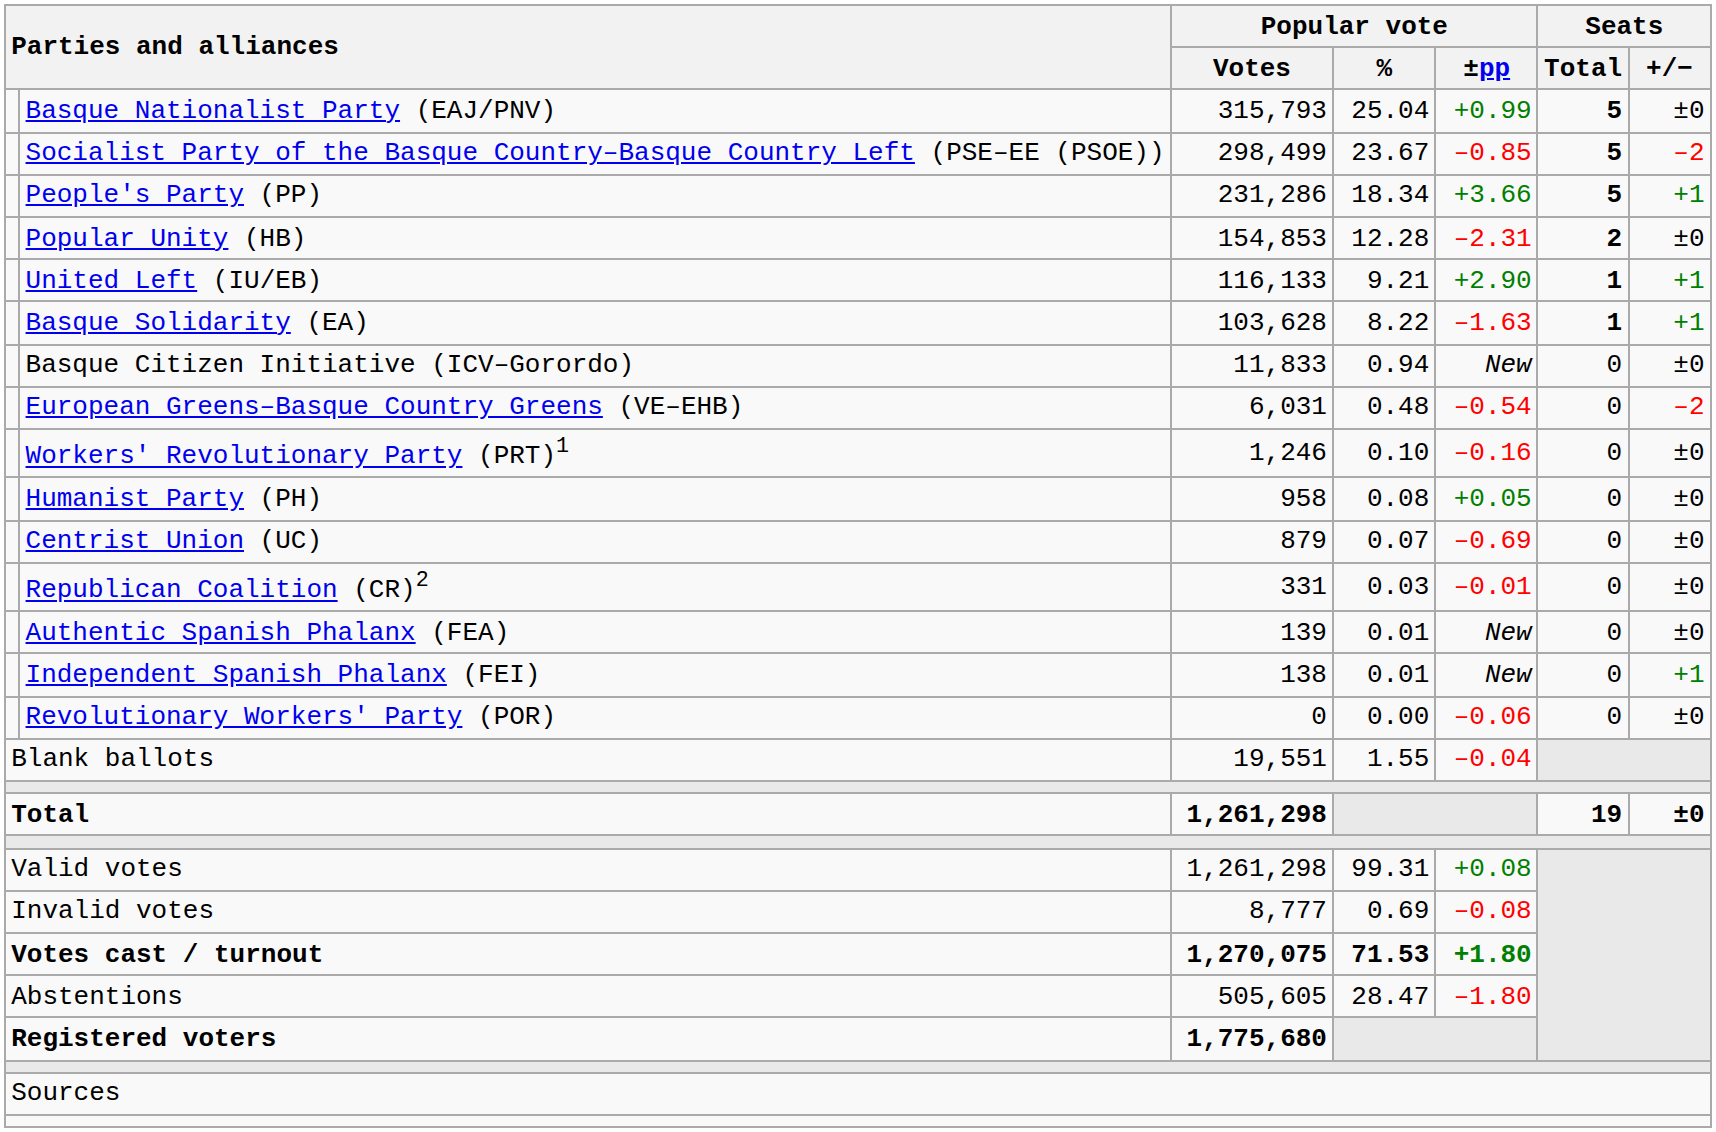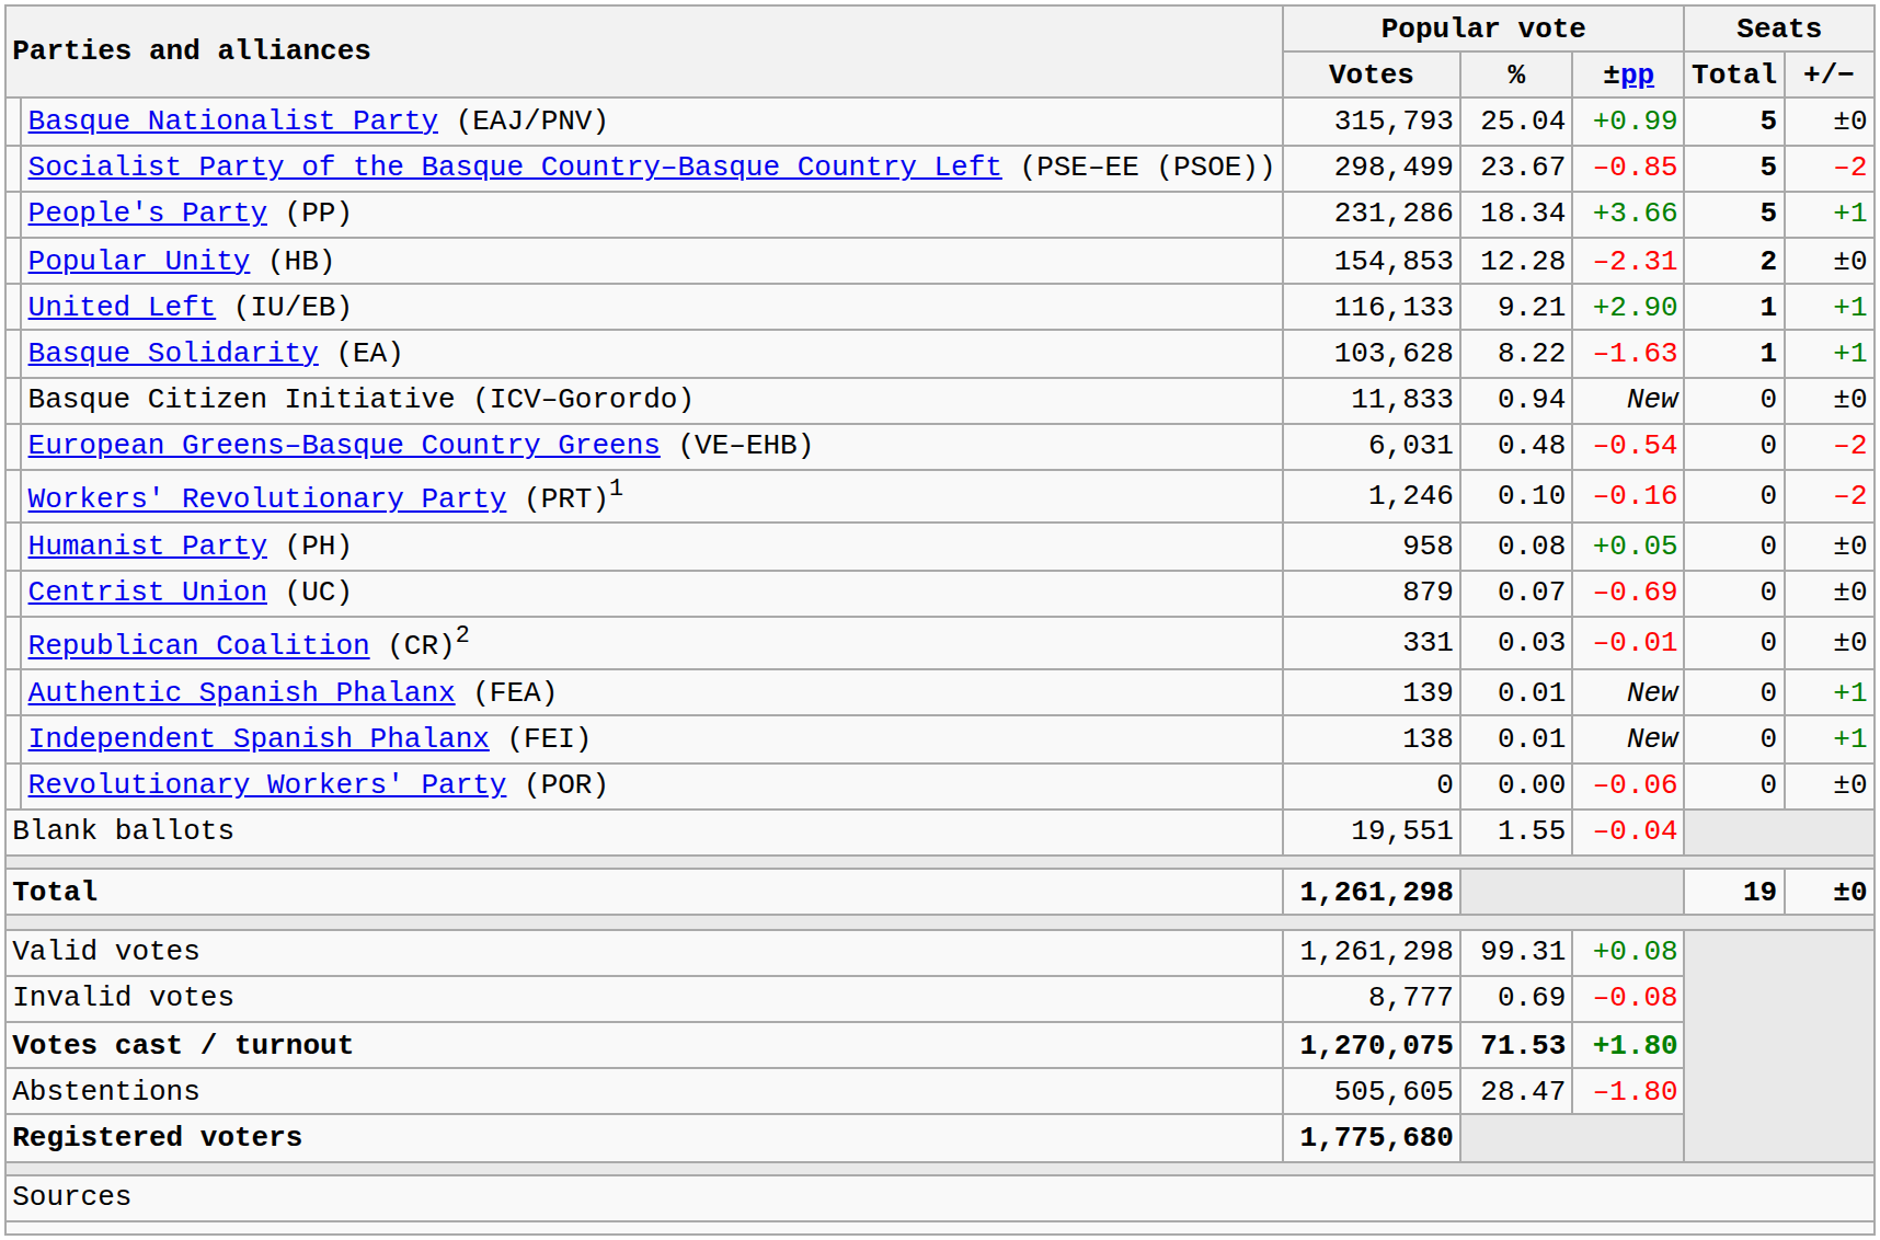 <table class="wikitable" style="text-align:right;">
 <tr>
 <th style="text-align:left;" rowspan="2" colspan="2" width="525">Parties and alliances</th>
 <th colspan="3">Popular vote</th>
 <th colspan="2">Seats</th>
 </tr>
 <tr>
 <th width="75">Votes</th>
 <th width="45">%</th>
 <th width="45">±<a href='#'>pp</a></th>
 <th width="35">Total</th>
 <th width="35">+/−</th>
 </tr>
 <tr>
 <td width="1" style="color:inherit;background:"></td>
 <td align="left"><a href='#'>Basque Nationalist Party</a> (EAJ/PNV)</td>
 <td>315,793</td>
 <td>25.04</td>
 <td style="color:green;">+0.99</td>
 <td><strong>5</strong></td>
 <td>±0</td>
 </tr>
 <tr>
 <td style="color:inherit;background:"></td>
 <td align="left"><a href='#'>Socialist Party of the Basque Country–Basque Country Left</a> (PSE–EE (PSOE))</td>
 <td>298,499</td>
 <td>23.67</td>
 <td style="color:red;">–0.85</td>
 <td><strong>5</strong></td>
 <td style="color:red;">–2</td>
 </tr>
 <tr>
 <td style="color:inherit;background:"></td>
 <td align="left"><a href='#'>People's Party</a> (PP)</td>
 <td>231,286</td>
 <td>18.34</td>
 <td style="color:green;">+3.66</td>
 <td><strong>5</strong></td>
 <td style="color:green;">+1</td>
 </tr>
 <tr>
 <td style="color:inherit;background:"></td>
 <td align="left"><a href='#'>Popular Unity</a> (HB)</td>
 <td>154,853</td>
 <td>12.28</td>
 <td style="color:red;">–2.31</td>
 <td><strong>2</strong></td>
 <td>±0</td>
 </tr>
 <tr>
 <td style="color:inherit;background:"></td>
 <td align="left"><a href='#'>United Left</a> (IU/EB)</td>
 <td>116,133</td>
 <td>9.21</td>
 <td style="color:green;">+2.90</td>
 <td><strong>1</strong></td>
 <td style="color:green;">+1</td>
 </tr>
 <tr>
 <td style="color:inherit;background:"></td>
 <td align="left"><a href='#'>Basque Solidarity</a> (EA)</td>
 <td>103,628</td>
 <td>8.22</td>
 <td style="color:red;">–1.63</td>
 <td><strong>1</strong></td>
 <td style="color:green;">+1</td>
 </tr>
 <tr>
 <td style="color:inherit;background:"></td>
 <td align="left">Basque Citizen Initiative (ICV–Gorordo)</td>
 <td>11,833</td>
 <td>0.94</td>
 <td><em>New</em></td>
 <td>0</td>
 <td>±0</td>
 </tr>
 <tr>
 <td style="color:inherit;background:"></td>
 <td align="left"><a href='#'>European Greens–Basque Country Greens</a> (VE–EHB)</td>
 <td>6,031</td>
 <td>0.48</td>
 <td style="color:red;">–0.54</td>
 <td>0</td>
 <td style="color:red;">–2</td>
 </tr>
 <tr>
 <td style="color:inherit;background:"></td>
 <td align="left"><a href='#'>Workers' Revolutionary Party</a> (PRT)<sup>1</sup></td>
 <td>1,246</td>
 <td>0.10</td>
 <td style="color:red;">–0.16</td>
 <td>0</td>
-<td>±0</td>
+<td style="color:red;">–2</td>
 </tr>
 <tr>
 <td style="color:inherit;background:"></td>
 <td align="left"><a href='#'>Humanist Party</a> (PH)</td>
 <td>958</td>
 <td>0.08</td>
 <td style="color:green;">+0.05</td>
 <td>0</td>
 <td>±0</td>
 </tr>
 <tr>
 <td style="color:inherit;background:"></td>
 <td align="left"><a href='#'>Centrist Union</a> (UC)</td>
 <td>879</td>
 <td>0.07</td>
 <td style="color:red;">–0.69</td>
 <td>0</td>
 <td>±0</td>
 </tr>
 <tr>
 <td style="color:inherit;background:"></td>
 <td align="left"><a href='#'>Republican Coalition</a> (CR)<sup>2</sup></td>
 <td>331</td>
 <td>0.03</td>
 <td style="color:red;">–0.01</td>
 <td>0</td>
 <td>±0</td>
 </tr>
 <tr>
 <td style="color:inherit;background:"></td>
 <td align="left"><a href='#'>Authentic Spanish Phalanx</a> (FEA)</td>
 <td>139</td>
 <td>0.01</td>
 <td><em>New</em></td>
 <td>0</td>
-<td>±0</td>
+<td style="color:green;">+1</td>
 </tr>
 <tr>
 <td style="color:inherit;background:"></td>
 <td align="left"><a href='#'>Independent Spanish Phalanx</a> (FEI)</td>
 <td>138</td>
 <td>0.01</td>
 <td><em>New</em></td>
 <td>0</td>
 <td style="color:green;">+1</td>
 </tr>
 <tr>
 <td style="color:inherit;background:"></td>
 <td align="left"><a href='#'>Revolutionary Workers' Party</a> (POR)</td>
 <td>0</td>
 <td>0.00</td>
 <td style="color:red;">–0.06</td>
 <td>0</td>
 <td>±0</td>
 </tr>
 <tr>
 <td align="left" colspan="2">Blank ballots</td>
 <td>19,551</td>
 <td>1.55</td>
 <td style="color:red;">–0.04</td>
 <td bgcolor="#E9E9E9" colspan="2"></td>
 </tr>
 <tr>
 <td colspan="7" bgcolor="#E9E9E9"></td>
 </tr>
 <tr style="font-weight:bold;">
 <td align="left" colspan="2">Total</td>
 <td>1,261,298</td>
 <td bgcolor="#E9E9E9" colspan="2"></td>
 <td>19</td>
 <td>±0</td>
 </tr>
 <tr>
 <td colspan="7" bgcolor="#E9E9E9"></td>
 </tr>
 <tr>
 <td align="left" colspan="2">Valid votes</td>
 <td>1,261,298</td>
 <td>99.31</td>
 <td style="color:green;">+0.08</td>
 <td bgcolor="#E9E9E9" colspan="2" rowspan="5"></td>
 </tr>
 <tr>
 <td align="left" colspan="2">Invalid votes</td>
 <td>8,777</td>
 <td>0.69</td>
 <td style="color:red;">–0.08</td>
 </tr>
 <tr style="font-weight:bold;">
 <td align="left" colspan="2">Votes cast / turnout</td>
 <td>1,270,075</td>
 <td>71.53</td>
 <td style="color:green;">+1.80</td>
 </tr>
 <tr>
 <td align="left" colspan="2">Abstentions</td>
 <td>505,605</td>
 <td>28.47</td>
 <td style="color:red;">–1.80</td>
 </tr>
 <tr style="font-weight:bold;">
 <td align="left" colspan="2">Registered voters</td>
 <td>1,775,680</td>
 <td bgcolor="#E9E9E9" colspan="2"></td>
 </tr>
 <tr>
 <td colspan="7" bgcolor="#E9E9E9"></td>
 </tr>
 <tr>
 <td align="left" colspan="7">Sources</td>
 </tr>
 <tr>
 <td colspan="7" style="text-align:left; max-width:790px;"></td>
 </tr>
 </table>
